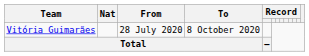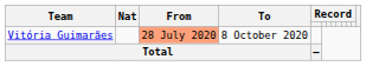 <table class="wikitable" style="text-align: center">
 <tr>
 <th rowspan="2">Team</th>
 <th rowspan="2">Nat</th>
 <th rowspan="2">From</th>
 <th rowspan="2">To</th>
 <th colspan="8">Record</th>
 <th rowspan=2></th>
 </tr>
 <tr>
 <th></th>
 <th></th>
 <th></th>
 <th></th>
 <th></th>
 <th></th>
 <th></th>
 <th></th>
 </tr>
 <tr>
 <td align=left><a href='#'>Vitória Guimarães</a></td>
 <td></td>
-<td align=left>28 July 2020</td>
+<td align=left style="background: lightsalmon;">28 July 2020</td>
 <td align=left>8 October 2020<br></td>
 <td></td>
 </tr>
 <tr>
 <th colspan="4">Total<br></th>
 <th>—</th>
 </tr>
 </table>
